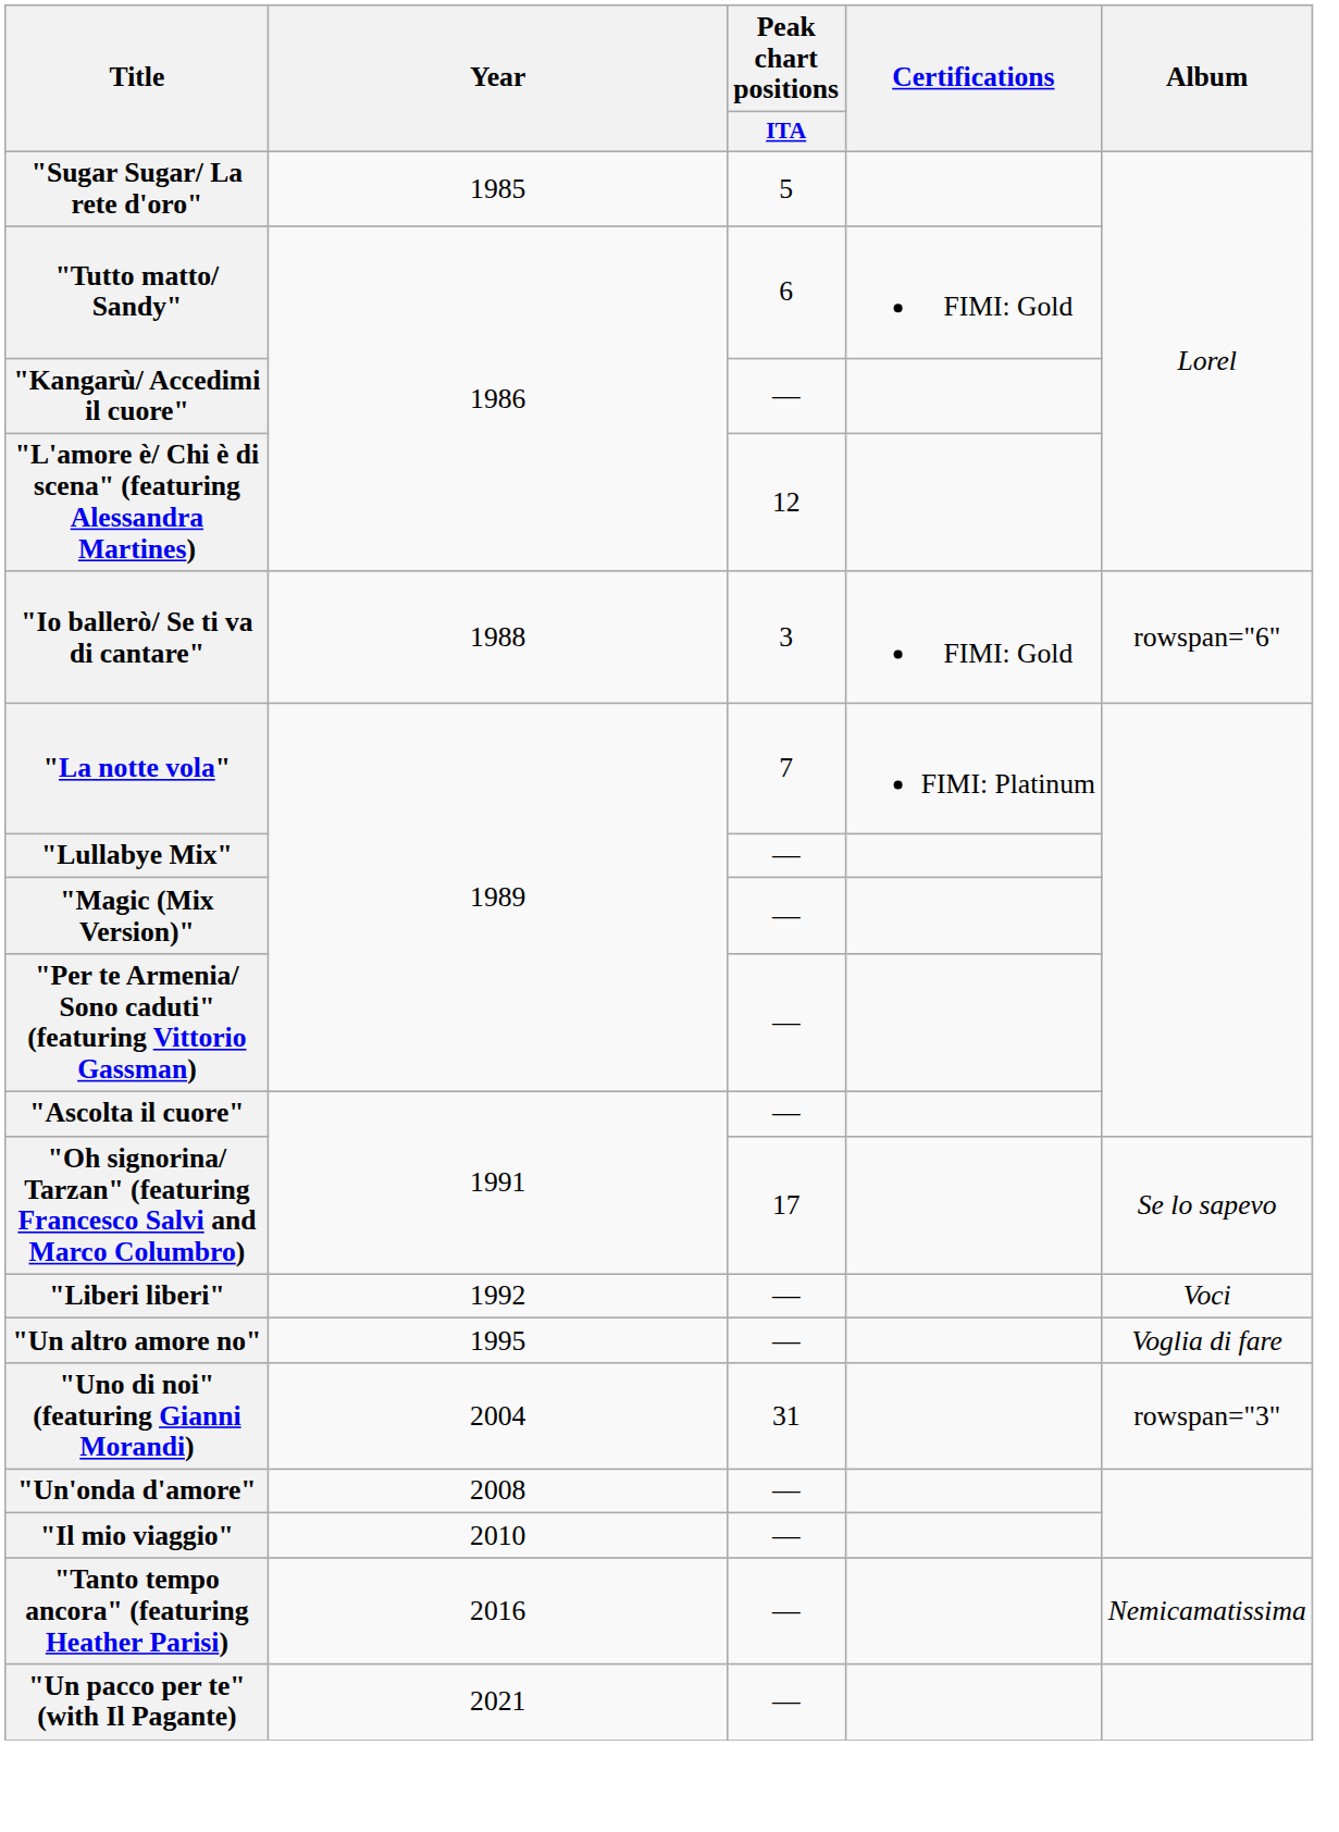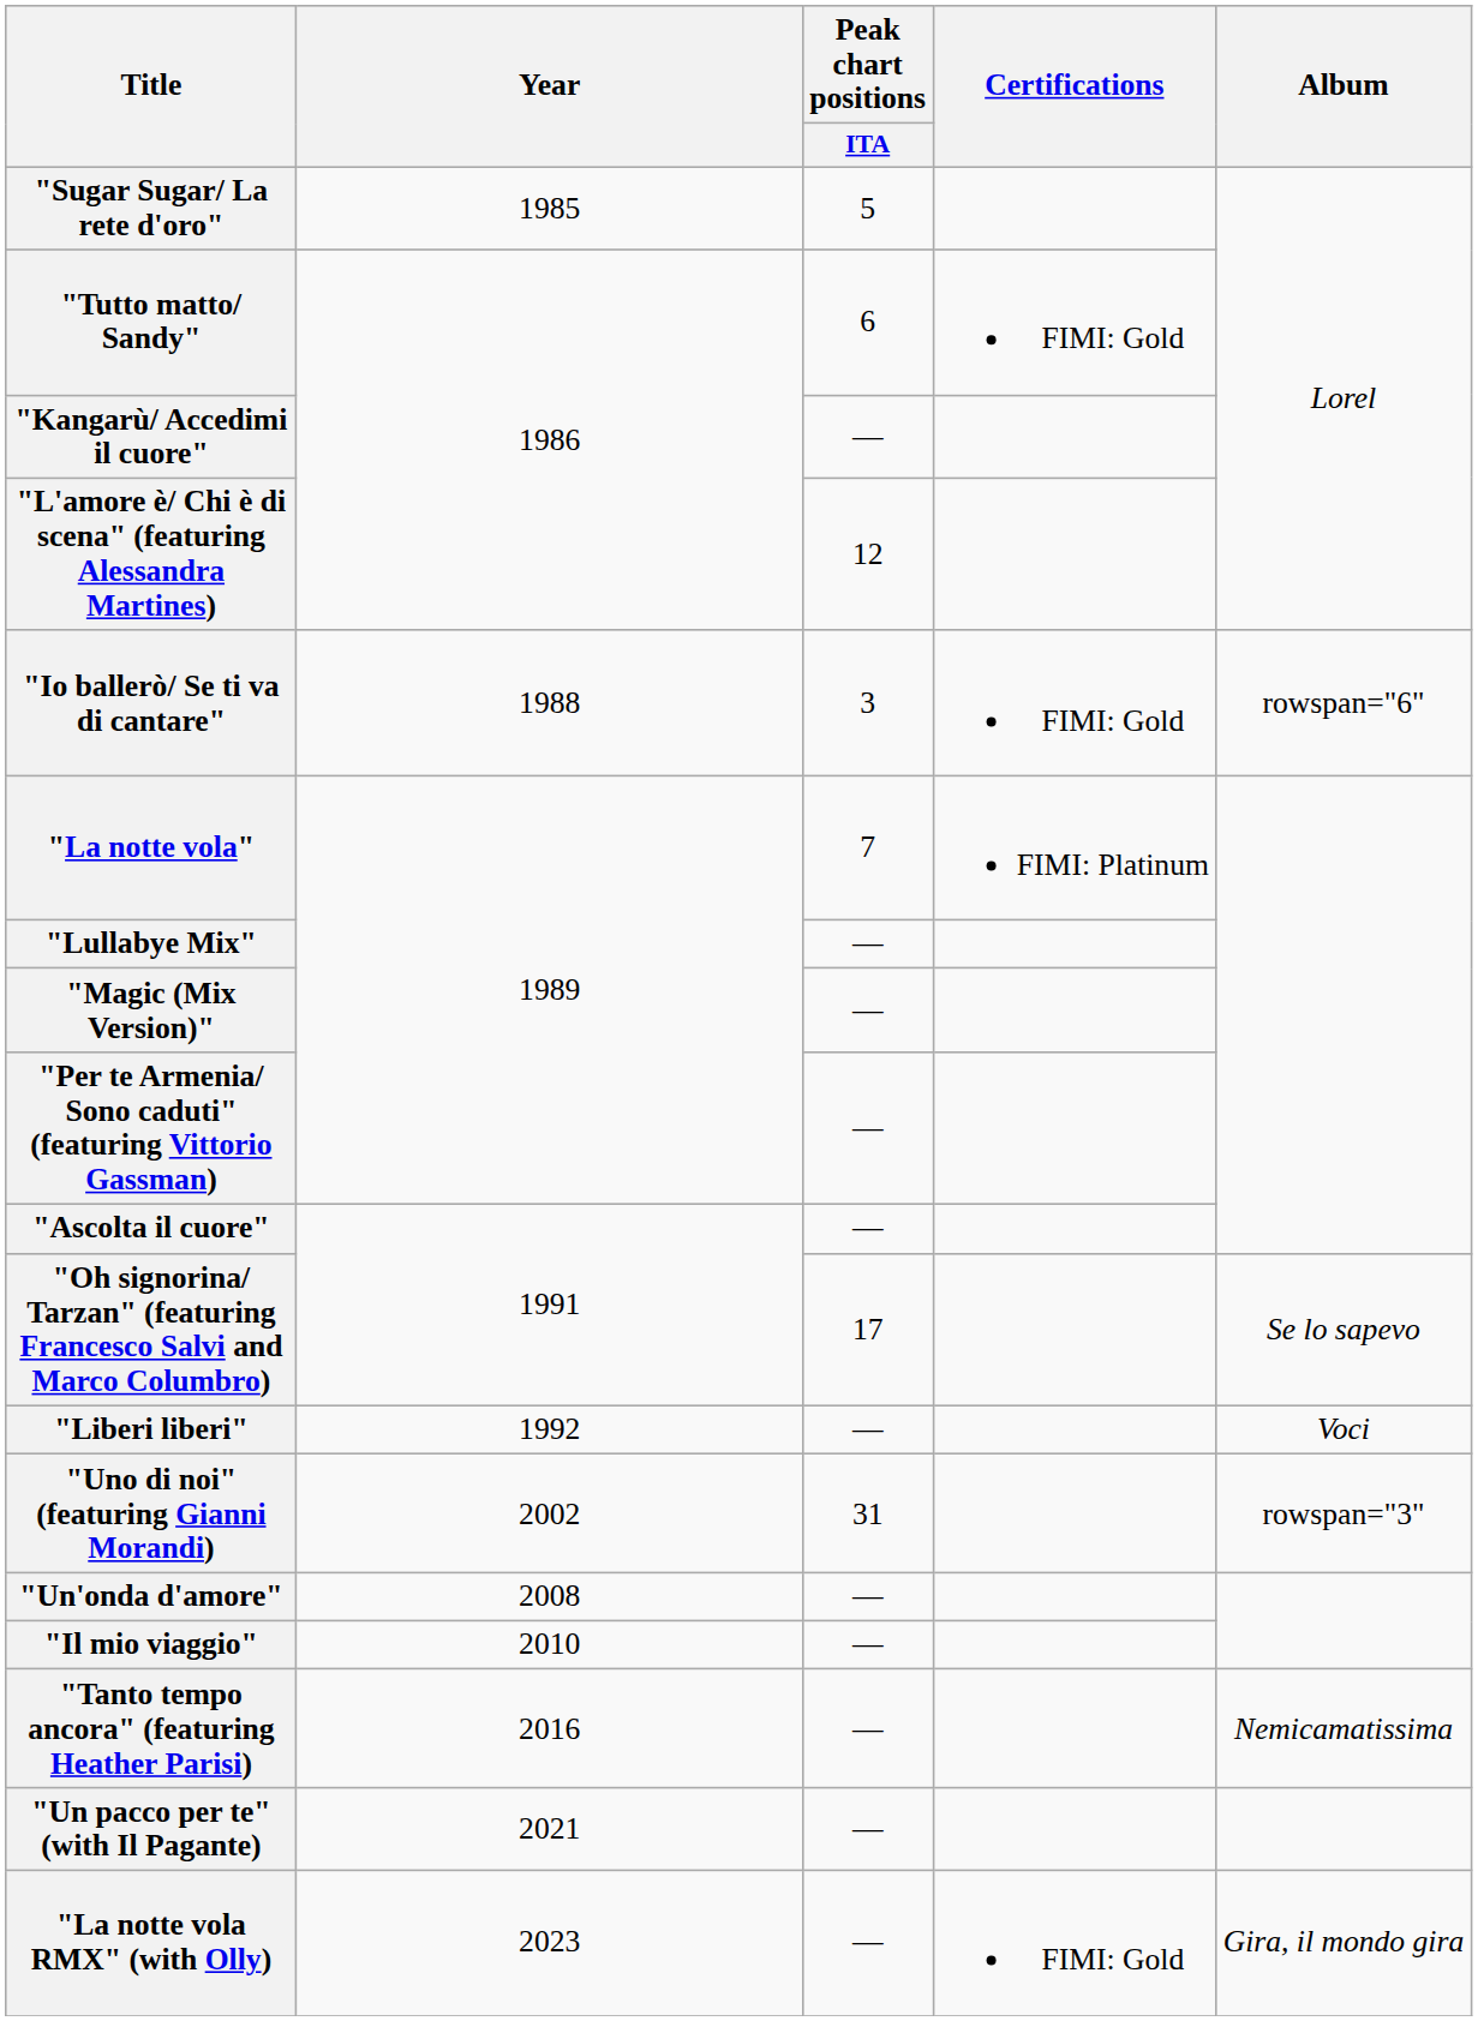 <table class="wikitable plainrowheaders" style="text-align:center;">
 <tr>
 <th scope="col" rowspan="2" style="width:9em;">Title</th>
 <th scope="col" rowspan="2" style="width:16em;">Year</th>
 <th scope="col">Peak chart positions</th>
 <th scope="col" rowspan="2"><a href='#'>Certifications</a></th>
 <th scope="col" rowspan="2">Album</th>
 </tr>
 <tr>
 <th scope="col" style="width:3em;font-size:85%;"><a href='#'>ITA</a></th>
 </tr>
 <tr>
 <th scope="row">"Sugar Sugar/ La rete d'oro"</th>
 <td>1985</td>
 <td>5</td>
 <td></td>
 <td rowspan="4"><em>Lorel</em></td>
 </tr>
 <tr>
 <th scope="row">"Tutto matto/ Sandy"</th>
 <td rowspan="3">1986</td>
 <td>6</td>
 <td><br><ul><li>FIMI: Gold</li></ul></td>
 </tr>
 <tr>
 <th scope="row">"Kangarù/ Accedimi il cuore"</th>
 <td>—</td>
 <td></td>
 </tr>
 <tr>
 <th scope="row">"L'amore è/ Chi è di scena" (featuring <a href='#'>Alessandra Martines</a>)</th>
 <td>12</td>
 <td></td>
 </tr>
 <tr>
 <th scope="row">"Io ballerò/ Se ti va di cantare"</th>
 <td>1988</td>
 <td>3</td>
 <td><br><ul><li>FIMI: Gold</li></ul></td>
 <td>rowspan="6" </td>
 </tr>
 <tr>
 <th scope="row">"<a href='#'>La notte vola</a>"</th>
 <td rowspan="4">1989</td>
 <td>7</td>
 <td><br><ul><li>FIMI: Platinum</li></ul></td>
 </tr>
 <tr>
 <th scope="row">"Lullabye Mix"</th>
 <td>—</td>
 <td></td>
 </tr>
 <tr>
 <th scope="row">"Magic (Mix Version)"</th>
 <td>—</td>
 <td></td>
 </tr>
 <tr>
 <th scope="row">"Per te Armenia/ Sono caduti" (featuring <a href='#'>Vittorio Gassman</a>)</th>
 <td>—</td>
 <td></td>
 </tr>
 <tr>
 <th scope="row">"Ascolta il cuore"</th>
 <td rowspan="2">1991</td>
 <td>—</td>
 <td></td>
 </tr>
 <tr>
 <th scope="row">"Oh signorina/ Tarzan" (featuring <a href='#'>Francesco Salvi</a> and <a href='#'>Marco Columbro</a>)</th>
 <td>17</td>
 <td></td>
 <td><em>Se lo sapevo</em></td>
 </tr>
 <tr>
 <th scope="row">"Liberi liberi"</th>
 <td>1992</td>
 <td>—</td>
 <td></td>
 <td><em>Voci</em></td>
 </tr>
 <tr>
-<th scope="row">"Un altro amore no"</th>
-<td>1995</td>
-<td>—</td>
-<td></td>
-<td><em>Voglia di fare</em></td>
-</tr>
-<tr>
 <th scope="row">"Uno di noi" (featuring <a href='#'>Gianni Morandi</a>)</th>
-<td>2004</td>
+<td>2002</td>
 <td>31</td>
 <td></td>
 <td>rowspan="3" </td>
 </tr>
 <tr>
 <th scope="row">"Un'onda d'amore"</th>
 <td>2008</td>
 <td>—</td>
 <td></td>
 </tr>
 <tr>
 <th scope="row">"Il mio viaggio"</th>
 <td>2010</td>
 <td>—</td>
 <td></td>
 </tr>
 <tr>
 <th scope="row">"Tanto tempo ancora" (featuring <a href='#'>Heather Parisi</a>)</th>
 <td>2016</td>
 <td>—</td>
 <td></td>
 <td><em>Nemicamatissima</em></td>
 </tr>
 <tr>
 <th scope="row">"Un pacco per te" (with Il Pagante)</th>
 <td>2021</td>
 <td>—</td>
 <td></td>
 <td></td>
 </tr>
+<tr>
+<th scope="row">"La notte vola RMX" (with <a href='#'>Olly</a>)</th>
+<td>2023</td>
+<td>—</td>
+<td><br><ul><li>FIMI: Gold</li></ul></td>
+<td><em>Gira, il mondo gira</em></td>
+</tr>
 </table>
